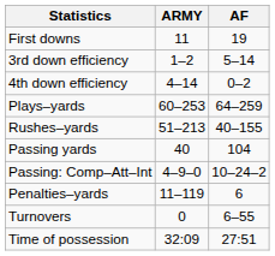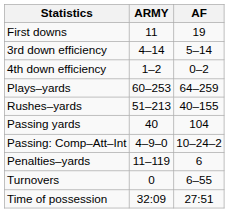 <table class="wikitable">
 <tr>
 <th>Statistics</th>
 <th>ARMY</th>
 <th>AF</th>
 </tr>
 <tr>
 <td>First downs</td>
 <td align=center>11</td>
 <td align=center>19</td>
 </tr>
 <tr>
 <td>3rd down efficiency</td>
-<td align=center>1–2</td>
+<td align=center>4–14</td>
 <td align=center>5–14</td>
 </tr>
 <tr>
 <td>4th down efficiency</td>
-<td align=center>4–14</td>
+<td align=center>1–2</td>
 <td align=center>0–2</td>
 </tr>
 <tr>
 <td>Plays–yards</td>
 <td align=center>60–253</td>
 <td align=center>64–259</td>
 </tr>
 <tr>
 <td>Rushes–yards</td>
 <td align=center>51–213</td>
 <td align=center>40–155</td>
 </tr>
 <tr>
 <td>Passing yards</td>
 <td align=center>40</td>
 <td align=center>104</td>
 </tr>
 <tr>
 <td>Passing: Comp–Att–Int</td>
 <td align=center>4–9–0</td>
 <td align=center>10–24–2</td>
 </tr>
 <tr>
 <td>Penalties–yards</td>
 <td align=center>11–119</td>
 <td align=center>6</td>
 </tr>
 <tr>
 <td>Turnovers</td>
 <td align=center>0</td>
 <td align=center>6–55</td>
 </tr>
 <tr>
 <td>Time of possession</td>
 <td align=center>32:09</td>
 <td align=center>27:51</td>
 </tr>
 </table>
